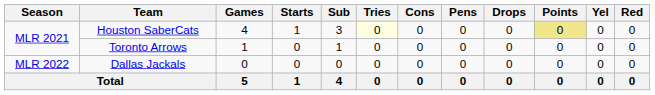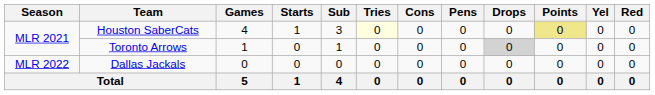 <table class="wikitable" style="text-align:center; line-height:100%; font-size:100%; width:70%;">
 <tr>
 <th>Season</th>
 <th>Team</th>
 <th>Games</th>
 <th>Starts</th>
 <th>Sub</th>
 <th>Tries</th>
 <th>Cons</th>
 <th>Pens</th>
 <th>Drops</th>
 <th>Points</th>
 <th>Yel</th>
 <th>Red</th>
 </tr>
 <tr>
 <td rowspan="2"><a href='#'>MLR 2021</a></td>
 <td><a href='#'>Houston SaberCats</a></td>
 <td>4</td>
 <td>1</td>
 <td>3</td>
 <td style="background: lightyellow;">0</td>
 <td>0</td>
 <td>0</td>
 <td>0</td>
 <td style="background: khaki;">0</td>
 <td>0</td>
 <td>0</td>
 </tr>
 <tr>
 <td><a href='#'>Toronto Arrows</a></td>
 <td>1</td>
 <td>0</td>
 <td>1</td>
 <td>0</td>
 <td>0</td>
 <td>0</td>
-<td>0</td>
+<td style="background: lightgrey;">0</td>
 <td>0</td>
 <td>0</td>
 <td>0</td>
 </tr>
 <tr>
 <td><a href='#'>MLR 2022</a></td>
 <td><a href='#'>Dallas Jackals</a></td>
 <td>0</td>
 <td>0</td>
 <td>0</td>
 <td>0</td>
 <td>0</td>
 <td>0</td>
 <td>0</td>
 <td>0</td>
 <td>0</td>
 <td>0</td>
 </tr>
 <tr>
 <th colspan="2">Total</th>
 <th>5</th>
 <th>1</th>
 <th>4</th>
 <th>0</th>
 <th>0</th>
 <th>0</th>
 <th>0</th>
 <th>0</th>
 <th>0</th>
 <th>0</th>
 </tr>
 </table>
